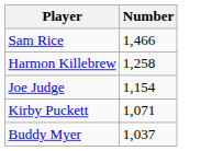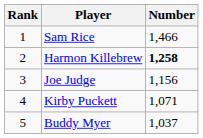 <table class="wikitable" style="font-size: 95%; text-align:left;">
 <tr>
+<th>Rank</th>
 <th>Player</th>
 <th>Number</th>
 </tr>
 <tr>
+<td align="center">1</td>
 <td><a href='#'>Sam Rice</a></td>
 <td>1,466</td>
 </tr>
 <tr>
+<td align="center">2</td>
 <td><a href='#'>Harmon Killebrew</a></td>
-<td>1,258</td>
+<td><strong>1,258</strong></td>
 </tr>
 <tr>
+<td align="center">3</td>
 <td><a href='#'>Joe Judge</a></td>
-<td>1,154</td>
+<td>1,156</td>
 </tr>
 <tr>
+<td align="center">4</td>
 <td><a href='#'>Kirby Puckett</a></td>
 <td>1,071</td>
 </tr>
 <tr>
+<td align="center">5</td>
 <td><a href='#'>Buddy Myer</a></td>
 <td>1,037</td>
 </tr>
 </table>
